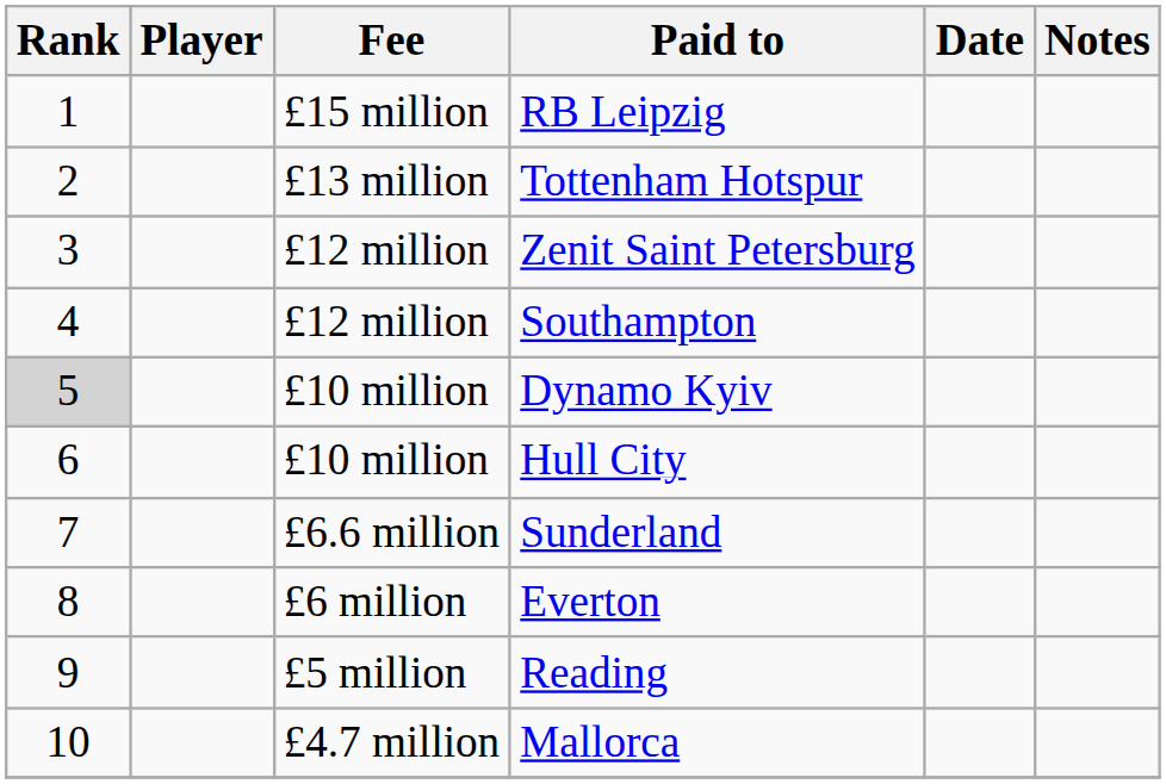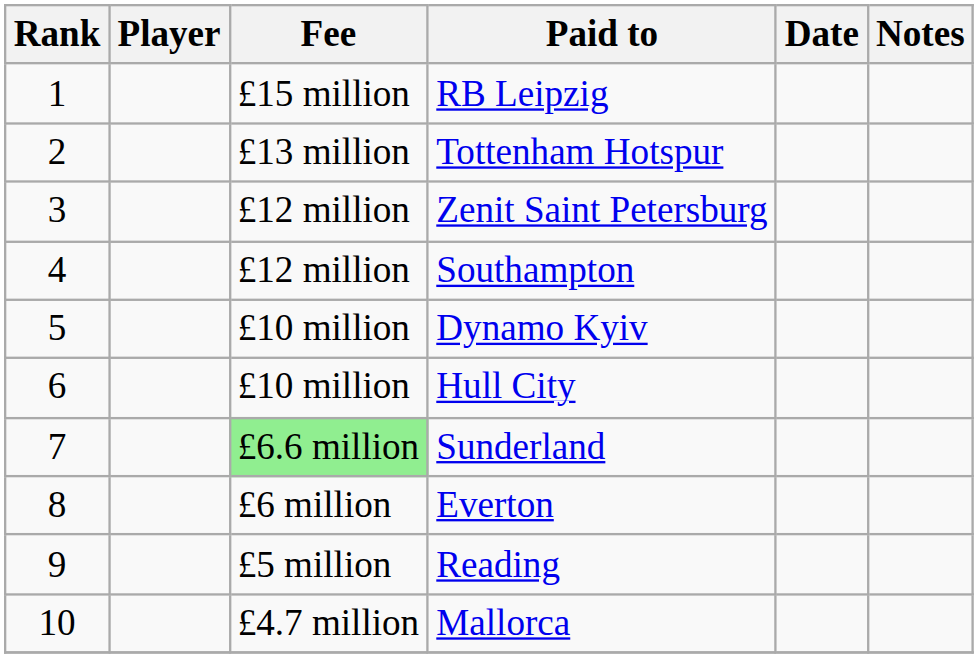 <table class="wikitable sortable">
 <tr>
 <th>Rank</th>
 <th>Player</th>
 <th>Fee</th>
 <th>Paid to</th>
 <th>Date</th>
 <th class=unsortable>Notes</th>
 </tr>
 <tr>
 <td style="text-align:center;">1</td>
 <td style="text-align:left;"> </td>
 <td>£15 million</td>
 <td> <a href='#'>RB Leipzig</a></td>
 <td></td>
 <td align=center></td>
 </tr>
 <tr>
 <td style="text-align:center;">2</td>
 <td style="text-align:left;"> </td>
 <td>£13 million</td>
 <td> <a href='#'>Tottenham Hotspur</a></td>
 <td></td>
 <td align=center></td>
 </tr>
 <tr>
 <td style="text-align:center;">3</td>
 <td style="text-align:left;"> </td>
 <td>£12 million</td>
 <td> <a href='#'>Zenit Saint Petersburg</a></td>
 <td></td>
 <td align=center></td>
 </tr>
 <tr>
 <td style="text-align:center;">4</td>
 <td style="text-align:left;"> </td>
 <td>£12 million</td>
 <td> <a href='#'>Southampton</a></td>
 <td></td>
 <td align=center></td>
 </tr>
 <tr>
-<td style="background: lightgrey; text-align:center;">5</td>
+<td style="text-align:center;">5</td>
 <td style="text-align:left;"> </td>
 <td>£10 million</td>
 <td> <a href='#'>Dynamo Kyiv</a></td>
 <td></td>
 <td align=center></td>
 </tr>
 <tr>
 <td style="text-align:center;">6</td>
 <td style="text-align:left;"> </td>
 <td>£10 million</td>
 <td> <a href='#'>Hull City</a></td>
 <td></td>
 <td align=center></td>
 </tr>
 <tr>
 <td style="text-align:center;">7</td>
 <td style="text-align:left;"> </td>
-<td>£6.6 million</td>
+<td style="background: lightgreen;">£6.6 million</td>
 <td> <a href='#'>Sunderland</a></td>
 <td></td>
 <td align=center></td>
 </tr>
 <tr>
 <td style="text-align:center;">8</td>
 <td style="text-align:left;"> </td>
 <td>£6 million</td>
 <td> <a href='#'>Everton</a></td>
 <td></td>
 <td align=center></td>
 </tr>
 <tr>
 <td style="text-align:center;">9</td>
 <td style="text-align:left;"> </td>
 <td>£5 million</td>
 <td> <a href='#'>Reading</a></td>
 <td></td>
 <td align=center></td>
 </tr>
 <tr>
 <td style="text-align:center;">10</td>
 <td style="text-align:left;"> </td>
 <td>£4.7 million</td>
 <td> <a href='#'>Mallorca</a></td>
 <td></td>
 <td align=center></td>
 </tr>
 <tr>
 </tr>
 </table>
